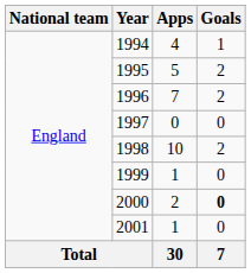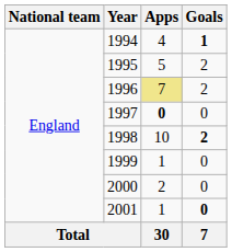 <table class="wikitable" style="text-align:center">
 <tr>
 <th>National team</th>
 <th>Year</th>
 <th>Apps</th>
 <th>Goals</th>
 </tr>
 <tr>
 <td rowspan="8"><a href='#'>England</a></td>
 <td>1994</td>
 <td>4</td>
-<td>1</td>
+<td><strong>1</strong></td>
 </tr>
 <tr>
 <td>1995</td>
 <td>5</td>
 <td>2</td>
 </tr>
 <tr>
 <td>1996</td>
-<td>7</td>
+<td style="background: khaki;">7</td>
 <td>2</td>
 </tr>
 <tr>
 <td>1997</td>
-<td>0</td>
+<td><strong>0</strong></td>
 <td>0</td>
 </tr>
 <tr>
 <td>1998</td>
 <td>10</td>
-<td>2</td>
+<td><strong>2</strong></td>
 </tr>
 <tr>
 <td>1999</td>
 <td>1</td>
 <td>0</td>
 </tr>
 <tr>
 <td>2000</td>
 <td>2</td>
-<td><strong>0</strong></td>
+<td>0</td>
 </tr>
 <tr>
 <td>2001</td>
 <td>1</td>
-<td>0</td>
+<td><strong>0</strong></td>
 </tr>
 <tr>
 <th colspan="2">Total</th>
 <th>30</th>
 <th>7</th>
 </tr>
 </table>
